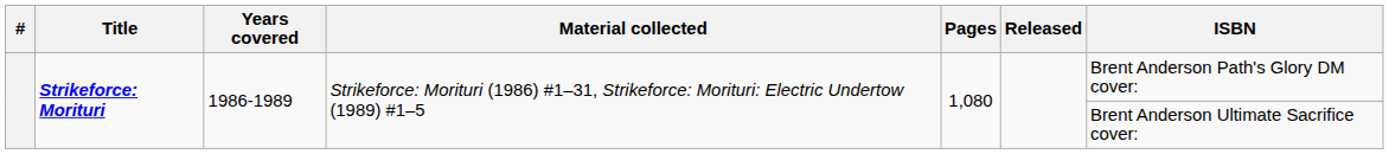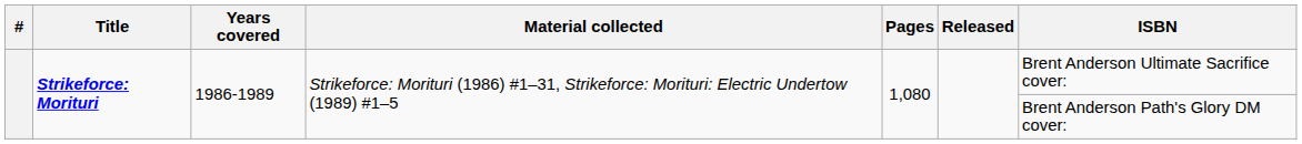 <table class="wikitable sortable" width="99%">
 <tr>
 <th class="unsortable" width="20px">#</th>
 <th>Title</th>
 <th>Years covered</th>
 <th class="unsortable">Material collected</th>
 <th>Pages</th>
 <th>Released</th>
 <th class="unsortable">ISBN</th>
 </tr>
 <tr>
 <th rowspan="2" style="background-color: light grey;"></th>
 <td rowspan="2"><strong><em><a href='#'>Strikeforce: Morituri</a></em></strong></td>
 <td rowspan="2">1986-1989</td>
 <td rowspan="2"><em>Strikeforce: Morituri</em> (1986) #1–31, <em>Strikeforce: Morituri: Electric Undertow</em> (1989) #1–5</td>
 <td rowspan="2" style="text-align: center;">1,080</td>
 <td rowspan="2"></td>
+<td>Brent Anderson Ultimate Sacrifice cover: </td>
+</tr>
+<tr>
 <td>Brent Anderson Path's Glory DM cover: </td>
 </tr>
-<tr>
-<td>Brent Anderson Ultimate Sacrifice cover: </td>
-</tr>
 </table>
